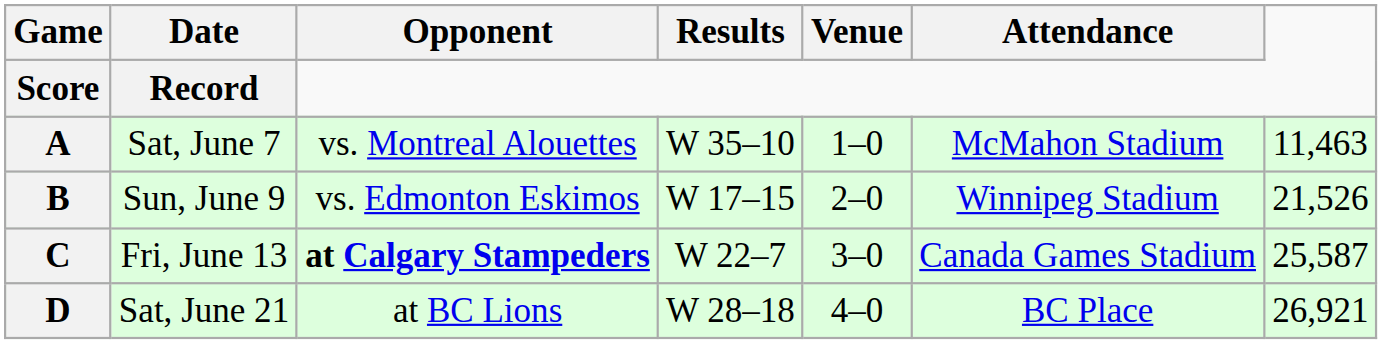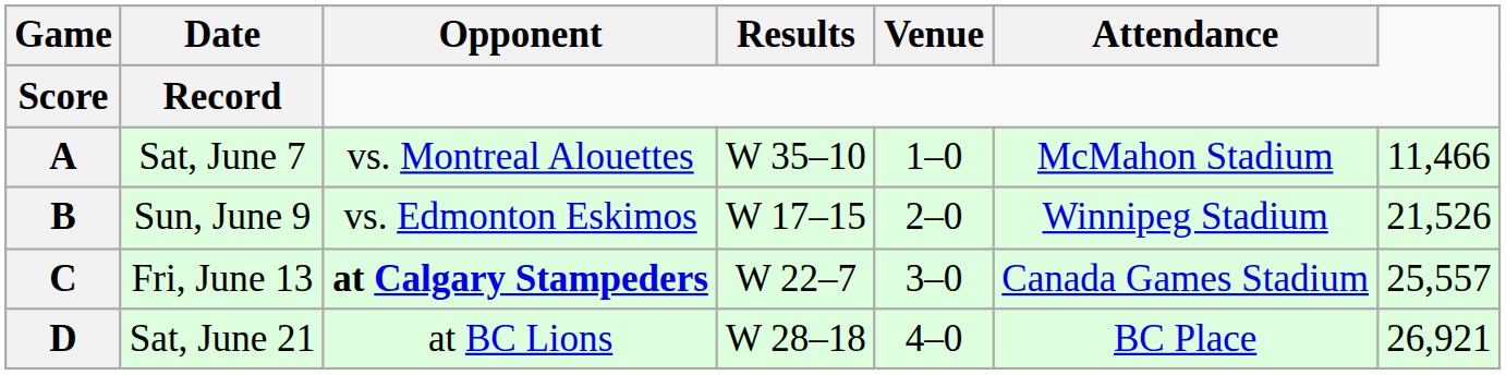 <table class="wikitable" style="text-align:center">
 <tr>
 <th>Game</th>
 <th>Date</th>
 <th>Opponent</th>
 <th>Results</th>
 <th>Venue</th>
 <th>Attendance</th>
 </tr>
 <tr>
 <th>Score</th>
 <th>Record</th>
 </tr>
 <tr style="background:#ddffdd">
 <th>A</th>
 <td>Sat, June 7</td>
 <td>vs. <a href='#'>Montreal Alouettes</a></td>
 <td>W 35–10</td>
 <td>1–0</td>
 <td><a href='#'>McMahon Stadium</a></td>
-<td>11,463</td>
+<td>11,466</td>
 </tr>
 <tr style="background:#ddffdd">
 <th>B</th>
 <td>Sun, June 9</td>
 <td>vs. <a href='#'>Edmonton Eskimos</a></td>
 <td>W 17–15</td>
 <td>2–0</td>
 <td><a href='#'>Winnipeg Stadium</a></td>
 <td>21,526</td>
 </tr>
 <tr style="background:#ddffdd">
 <th>C</th>
 <td>Fri, June 13</td>
 <td><strong>at <a href='#'>Calgary Stampeders</a></strong></td>
 <td>W 22–7</td>
 <td>3–0</td>
 <td><a href='#'>Canada Games Stadium</a></td>
-<td>25,587</td>
+<td>25,557</td>
 </tr>
 <tr style="background:#ddffdd">
 <th>D</th>
 <td>Sat, June 21</td>
 <td>at <a href='#'>BC Lions</a></td>
 <td>W 28–18</td>
 <td>4–0</td>
 <td><a href='#'>BC Place</a></td>
 <td>26,921</td>
 </tr>
 </table>
